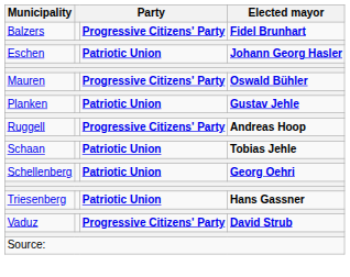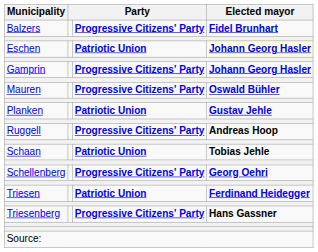 <table class="wikitable" style="text-align:right">
 <tr>
 <th>Municipality</th>
 <th colspan="2">Party</th>
 <th>Elected mayor</th>
 </tr>
 <tr>
 <td align="left"><a href='#'>Balzers</a></td>
 <td style="color:inherit;background:"></td>
 <td align="left"><strong><a href='#'>Progressive Citizens' Party</a></strong></td>
 <td align="left"><strong><a href='#'>Fidel Brunhart</a></strong></td>
 </tr>
 <tr>
 <th colspan="4"></th>
 </tr>
 <tr>
 <td align="left"><a href='#'>Eschen</a></td>
 <td style="color:inherit;background:"></td>
 <td align="left"><a href='#'><strong>Patriotic Union</strong></a></td>
-<td align="left"><a href='#'><strong>Johann Georg Hasler</strong></a></td>
+<td align="left" style="background: lightyellow;"><a href='#'><strong>Johann Georg Hasler</strong></a></td>
 </tr>
 <tr>
 <th colspan="4"></th>
+</tr>
+<tr>
+<td align="left"><a href='#'>Gamprin</a></td>
+<td style="color:inherit;background:"></td>
+<td align="left"><strong><a href='#'>Progressive Citizens' Party</a></strong></td>
+<td align="left"><strong><a href='#'>Johann Georg Hasler</a></strong></td>
 </tr>
 <tr>
 <th colspan="4"></th>
 </tr>
 <tr>
 <td align="left"><a href='#'>Mauren</a></td>
 <td style="color:inherit;background:"></td>
 <td align="left"><strong><a href='#'>Progressive Citizens' Party</a></strong></td>
 <td align="left"><strong><a href='#'>Oswald Bühler</a></strong></td>
 </tr>
 <tr>
 <th colspan="4"></th>
 </tr>
 <tr>
 <td align="left"><a href='#'>Planken</a></td>
 <td style="color:inherit;background:"></td>
 <td align="left"><a href='#'><strong>Patriotic Union</strong></a></td>
 <td align="left"><strong><a href='#'>Gustav Jehle</a></strong></td>
 </tr>
 <tr>
 <th colspan="4"></th>
 </tr>
 <tr>
 <td align="left"><a href='#'>Ruggell</a></td>
 <td style="color:inherit;background:"></td>
 <td align="left"><strong><a href='#'>Progressive Citizens' Party</a></strong></td>
 <td align="left"><strong>Andreas Hoop</strong></td>
 </tr>
 <tr>
 <th colspan="4"></th>
 </tr>
 <tr>
 <td align="left"><a href='#'>Schaan</a></td>
 <td style="color:inherit;background:"></td>
 <td align="left"><a href='#'><strong>Patriotic Union</strong></a></td>
 <td align="left"><strong>Tobias Jehle</strong></td>
 </tr>
 <tr>
 <th colspan="4"></th>
 </tr>
 <tr>
 <td align="left"><a href='#'>Schellenberg</a></td>
 <td style="color:inherit;background:"></td>
+<td align="left"><strong><a href='#'>Progressive Citizens' Party</a></strong></td>
+<td align="left"><strong><a href='#'>Georg Oehri</a></strong></td>
+</tr>
+<tr>
+<th colspan="4"></th>
+</tr>
+<tr>
+<td align="left"><a href='#'>Triesen</a></td>
+<td style="color:inherit;background:"></td>
 <td align="left"><a href='#'><strong>Patriotic Union</strong></a></td>
-<td align="left"><strong><a href='#'>Georg Oehri</a></strong></td>
+<td align="left"><strong><a href='#'>Ferdinand Heidegger</a></strong></td>
+</tr>
+<tr>
+<th colspan="4"></th>
+</tr>
+<tr>
+<td align="left"><a href='#'>Triesenberg</a></td>
+<td style="color:inherit;background:"></td>
+<td align="left"><strong><a href='#'>Progressive Citizens' Party</a></strong></td>
+<td align="left"><strong>Hans Gassner</strong></td>
 </tr>
 <tr>
 <th colspan="4"></th>
 </tr>
 <tr>
 <th colspan="4"></th>
 </tr>
 <tr>
-<td align="left"><a href='#'>Triesenberg</a></td>
-<td style="color:inherit;background:"></td>
-<td align="left"><a href='#'><strong>Patriotic Union</strong></a></td>
-<td align="left"><strong>Hans Gassner</strong></td>
-</tr>
-<tr>
-<th colspan="4"></th>
-</tr>
-<tr>
-<td align="left"><a href='#'>Vaduz</a></td>
-<td style="color:inherit;background:"></td>
-<td align="left"><strong><a href='#'>Progressive Citizens' Party</a></strong></td>
-<td align="left"><strong><a href='#'>David Strub</a></strong></td>
-</tr>
-<tr>
-<th colspan="4"></th>
-</tr>
-<tr>
 <td colspan="4" align="left">Source: </td>
 </tr>
 </table>
